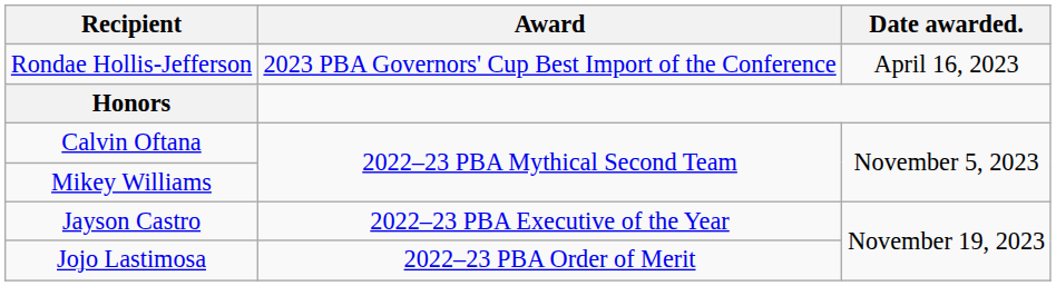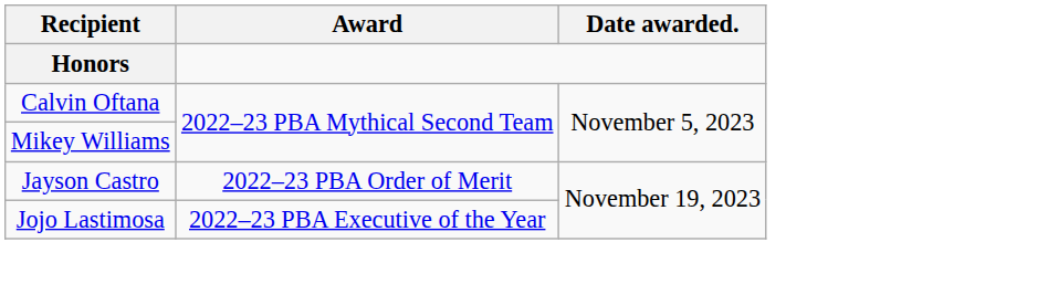 <table class="wikitable sortable sortable" style="text-align: center">
 <tr>
 <th>Recipient</th>
 <th>Award</th>
 <th>Date awarded.</th>
-</tr>
-<tr>
-<td><a href='#'>Rondae Hollis-Jefferson</a></td>
-<td><a href='#'>2023 PBA Governors' Cup Best Import of the Conference</a></td>
-<td>April 16, 2023</td>
 </tr>
 <tr>
 <th>Honors</th>
 </tr>
 <tr>
 <td><a href='#'>Calvin Oftana</a></td>
 <td rowspan=2><a href='#'>2022–23 PBA Mythical Second Team</a></td>
 <td rowspan=2>November 5, 2023</td>
 </tr>
 <tr>
 <td><a href='#'>Mikey Williams</a></td>
 </tr>
 <tr>
 <td><a href='#'>Jayson Castro</a></td>
-<td><a href='#'>2022–23 PBA Executive of the Year</a></td>
+<td><a href='#'>2022–23 PBA Order of Merit</a></td>
 <td rowspan=2>November 19, 2023</td>
 </tr>
 <tr>
 <td><a href='#'>Jojo Lastimosa</a></td>
-<td><a href='#'>2022–23 PBA Order of Merit</a></td>
+<td><a href='#'>2022–23 PBA Executive of the Year</a></td>
 </tr>
 </table>
